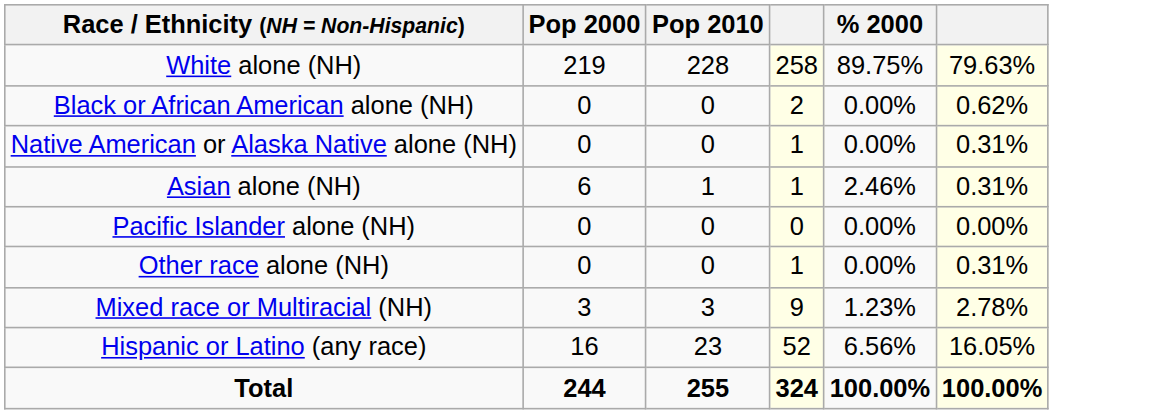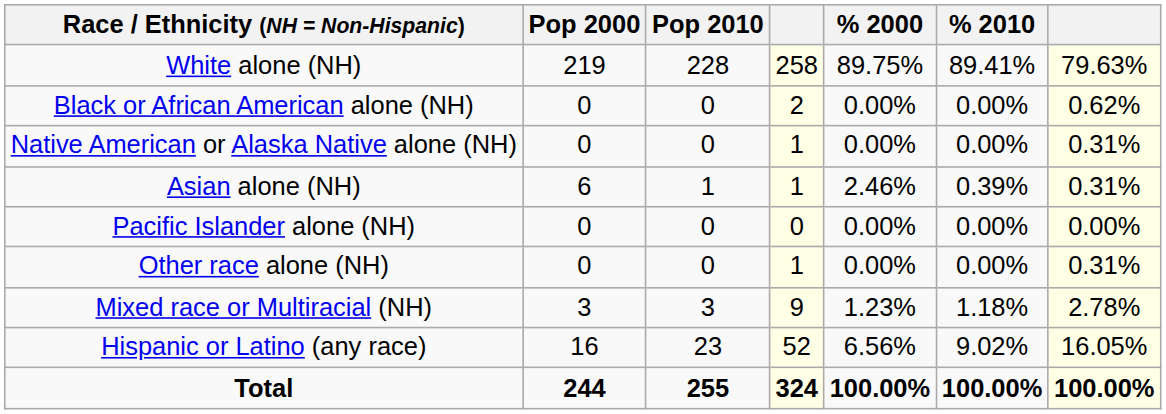 <table class="wikitable" style="text-align:center;">
 <tr>
 <th>Race / Ethnicity <small>(<em>NH = Non-Hispanic</em>)</small></th>
 <th>Pop 2000</th>
 <th>Pop 2010</th>
 <th></th>
 <th>% 2000</th>
+<th>% 2010</th>
 <th></th>
 </tr>
 <tr>
 <td><a href='#'>White</a> alone (NH)</td>
 <td>219</td>
 <td>228</td>
 <td style='background: #ffffe6;'>258</td>
 <td>89.75%</td>
+<td>89.41%</td>
 <td style='background: #ffffe6;'>79.63%</td>
 </tr>
 <tr>
 <td><a href='#'>Black or African American</a> alone (NH)</td>
 <td>0</td>
 <td>0</td>
 <td style='background: #ffffe6;'>2</td>
+<td>0.00%</td>
 <td>0.00%</td>
 <td style='background: #ffffe6;'>0.62%</td>
 </tr>
 <tr>
 <td><a href='#'>Native American</a> or <a href='#'>Alaska Native</a> alone (NH)</td>
 <td>0</td>
 <td>0</td>
 <td style='background: #ffffe6;'>1</td>
 <td>0.00%</td>
+<td>0.00%</td>
 <td style='background: #ffffe6;'>0.31%</td>
 </tr>
 <tr>
 <td><a href='#'>Asian</a> alone (NH)</td>
 <td>6</td>
 <td>1</td>
 <td style='background: #ffffe6;'>1</td>
 <td>2.46%</td>
+<td>0.39%</td>
 <td style='background: #ffffe6;'>0.31%</td>
 </tr>
 <tr>
 <td><a href='#'>Pacific Islander</a> alone (NH)</td>
 <td>0</td>
 <td>0</td>
 <td style='background: #ffffe6;'>0</td>
+<td>0.00%</td>
 <td>0.00%</td>
 <td style='background: #ffffe6;'>0.00%</td>
 </tr>
 <tr>
 <td><a href='#'>Other race</a> alone (NH)</td>
 <td>0</td>
 <td>0</td>
 <td style='background: #ffffe6;'>1</td>
 <td>0.00%</td>
+<td>0.00%</td>
 <td style='background: #ffffe6;'>0.31%</td>
 </tr>
 <tr>
 <td><a href='#'>Mixed race or Multiracial</a> (NH)</td>
 <td>3</td>
 <td>3</td>
 <td style='background: #ffffe6;'>9</td>
 <td>1.23%</td>
+<td>1.18%</td>
 <td style='background: #ffffe6;'>2.78%</td>
 </tr>
 <tr>
 <td><a href='#'>Hispanic or Latino</a> (any race)</td>
 <td>16</td>
 <td>23</td>
 <td style='background: #ffffe6;'>52</td>
 <td>6.56%</td>
+<td>9.02%</td>
 <td style='background: #ffffe6;'>16.05%</td>
 </tr>
 <tr>
 <td><strong>Total</strong></td>
 <td><strong>244</strong></td>
 <td><strong>255</strong></td>
 <td style='background: #ffffe6;'><strong>324</strong></td>
 <td><strong>100.00%</strong></td>
+<td><strong>100.00%</strong></td>
 <td style='background: #ffffe6;'><strong>100.00%</strong></td>
 </tr>
 </table>
